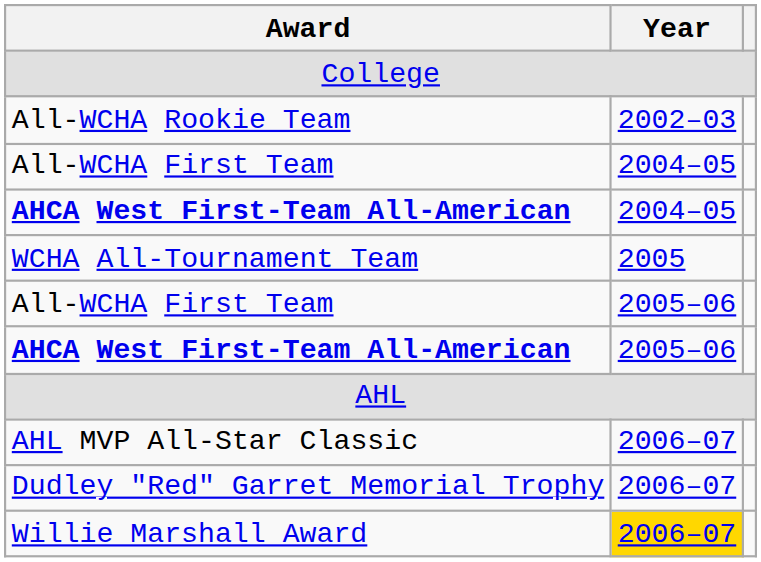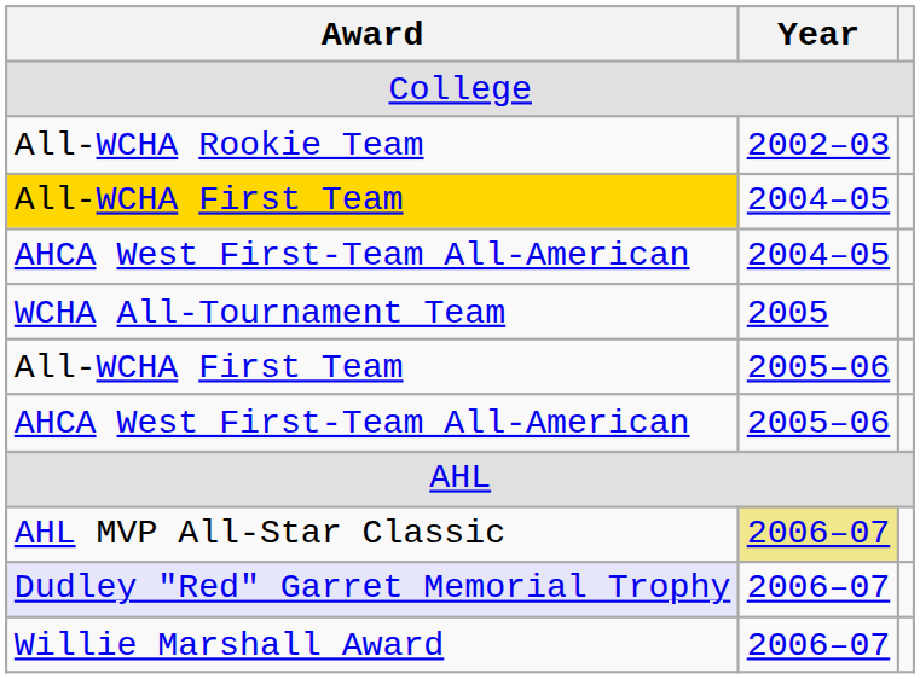 <table class="wikitable">
 <tr>
 <th>Award</th>
 <th>Year</th>
 <th></th>
 </tr>
 <tr ALIGN="center" bgcolor="#e0e0e0">
 <td colspan="3"><a href='#'>College</a></td>
 </tr>
 <tr>
 <td>All-<a href='#'>WCHA</a> <a href='#'>Rookie Team</a></td>
 <td><a href='#'>2002–03</a></td>
 <td></td>
 </tr>
 <tr>
-<td>All-<a href='#'>WCHA</a> <a href='#'>First Team</a></td>
+<td style="background: gold;">All-<a href='#'>WCHA</a> <a href='#'>First Team</a></td>
 <td><a href='#'>2004–05</a></td>
 <td></td>
 </tr>
 <tr>
-<td><strong><a href='#'>AHCA</a> <a href='#'>West First-Team All-American</a></strong></td>
+<td><a href='#'>AHCA</a> <a href='#'>West First-Team All-American</a></td>
 <td><a href='#'>2004–05</a></td>
 <td></td>
 </tr>
 <tr>
 <td><a href='#'>WCHA</a> <a href='#'>All-Tournament Team</a></td>
 <td><a href='#'>2005</a></td>
 <td></td>
 </tr>
 <tr>
 <td>All-<a href='#'>WCHA</a> <a href='#'>First Team</a></td>
 <td><a href='#'>2005–06</a></td>
 <td></td>
 </tr>
 <tr>
-<td><strong><a href='#'>AHCA</a> <a href='#'>West First-Team All-American</a></strong></td>
+<td><a href='#'>AHCA</a> <a href='#'>West First-Team All-American</a></td>
 <td><a href='#'>2005–06</a></td>
 <td></td>
 </tr>
 <tr ALIGN="center" bgcolor="#e0e0e0">
 <td colspan="3"><a href='#'>AHL</a></td>
 </tr>
 <tr>
 <td><a href='#'>AHL</a> MVP All-Star Classic</td>
-<td><a href='#'>2006–07</a></td>
+<td style="background: khaki;"><a href='#'>2006–07</a></td>
 <td></td>
 </tr>
 <tr>
-<td><a href='#'>Dudley "Red" Garret Memorial Trophy</a></td>
+<td style="background: lavender;"><a href='#'>Dudley "Red" Garret Memorial Trophy</a></td>
 <td><a href='#'>2006–07</a></td>
 <td></td>
 </tr>
 <tr>
 <td><a href='#'>Willie Marshall Award</a></td>
-<td style="background: gold;"><a href='#'>2006–07</a></td>
+<td><a href='#'>2006–07</a></td>
 <td></td>
 </tr>
 </table>
